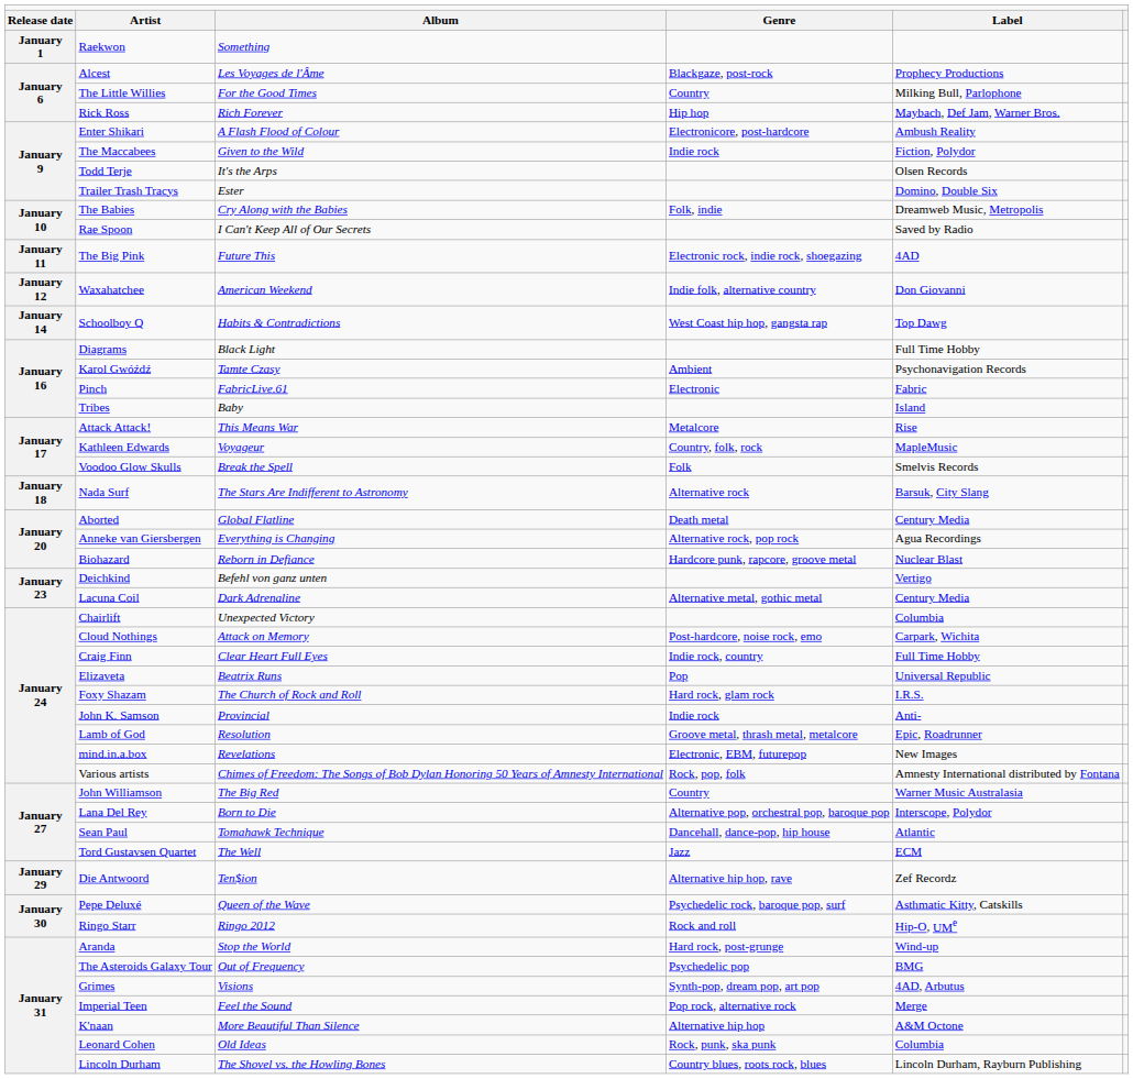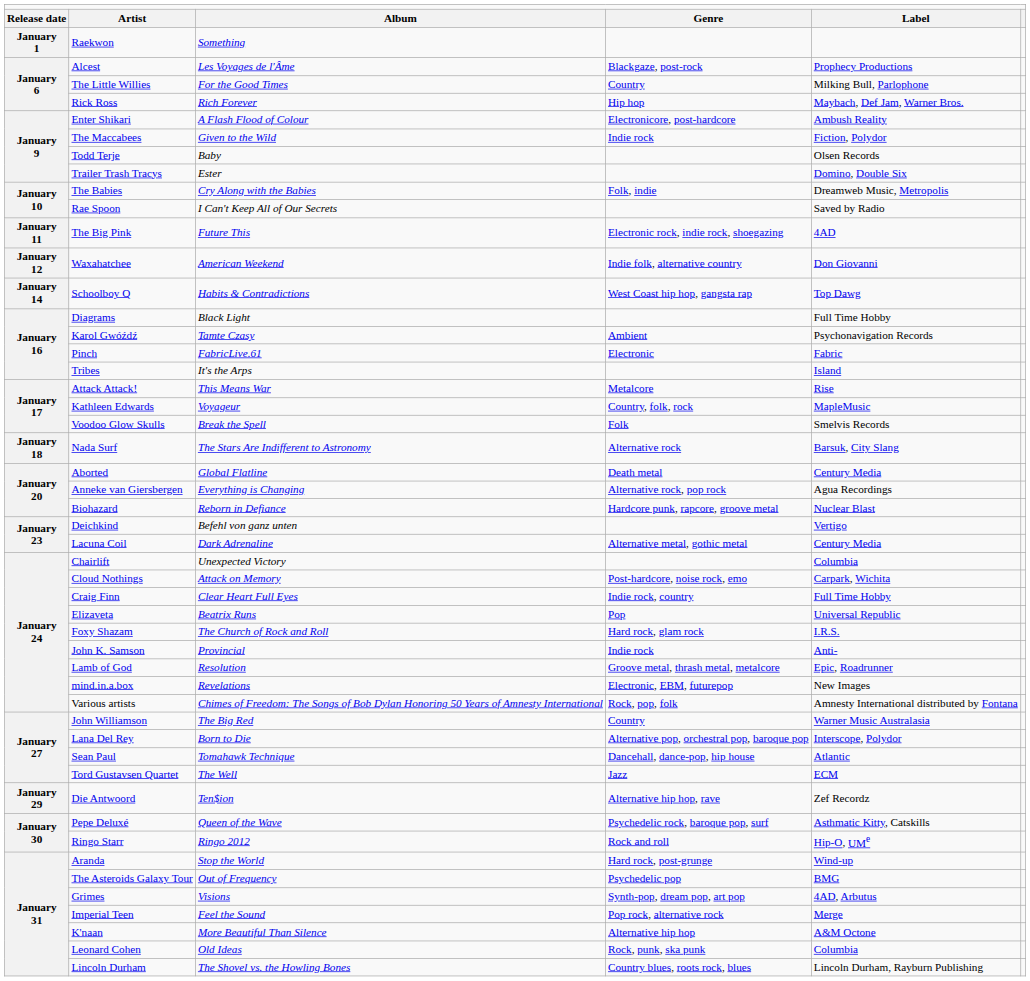 <table class="wikitable plainrowheaders">
 <tr>
 <td colspan="6" style="text-align:center;"></td>
 </tr>
 <tr>
 <th scope="col">Release date</th>
 <th scope="col">Artist</th>
 <th scope="col">Album</th>
 <th scope="col">Genre</th>
 <th scope="col">Label</th>
 <th scope="col"></th>
 </tr>
 <tr>
 <th scope="row" style="text-align:center;">January<br>1</th>
 <td><a href='#'>Raekwon</a></td>
 <td><em><a href='#'>Something</a> </em></td>
 <td></td>
 <td></td>
 <td></td>
 </tr>
 <tr>
 <th scope="row" rowspan="3" style="text-align:center;">January<br>6</th>
 <td><a href='#'>Alcest</a></td>
 <td><em><a href='#'>Les Voyages de l'Âme</a></em></td>
 <td><a href='#'>Blackgaze</a>, <a href='#'>post-rock</a></td>
 <td><a href='#'>Prophecy Productions</a></td>
 <td></td>
 </tr>
 <tr>
 <td><a href='#'>The Little Willies</a></td>
 <td><em><a href='#'>For the Good Times</a></em></td>
 <td><a href='#'>Country</a></td>
 <td>Milking Bull, <a href='#'>Parlophone</a></td>
 <td></td>
 </tr>
 <tr>
 <td><a href='#'>Rick Ross</a></td>
 <td><em><a href='#'>Rich Forever</a></em></td>
 <td><a href='#'>Hip hop</a></td>
 <td><a href='#'>Maybach</a>, <a href='#'>Def Jam</a>, <a href='#'>Warner Bros.</a></td>
 <td></td>
 </tr>
 <tr>
 <th scope="row" rowspan="4" style="text-align:center;">January<br>9</th>
 <td><a href='#'>Enter Shikari</a></td>
 <td><em><a href='#'>A Flash Flood of Colour</a></em></td>
 <td><a href='#'>Electronicore</a>, <a href='#'>post-hardcore</a></td>
 <td><a href='#'>Ambush Reality</a></td>
 <td></td>
 </tr>
 <tr>
 <td><a href='#'>The Maccabees</a></td>
 <td><em><a href='#'>Given to the Wild</a></em></td>
 <td><a href='#'>Indie rock</a></td>
 <td><a href='#'>Fiction</a>, <a href='#'>Polydor</a></td>
 <td></td>
 </tr>
 <tr>
 <td><a href='#'>Todd Terje</a></td>
-<td><em>It's the Arps</em></td>
+<td><em>Baby</em></td>
 <td></td>
 <td>Olsen Records</td>
 <td></td>
 </tr>
 <tr>
 <td><a href='#'>Trailer Trash Tracys</a></td>
 <td><em>Ester</em></td>
 <td></td>
 <td><a href='#'>Domino</a>, <a href='#'>Double Six</a></td>
 <td></td>
 </tr>
 <tr>
 <th scope="row" rowspan="2" style="text-align:center;">January<br>10</th>
 <td><a href='#'>The Babies</a></td>
 <td><em><a href='#'>Cry Along with the Babies</a></em></td>
 <td><a href='#'>Folk</a>, <a href='#'>indie</a></td>
 <td>Dreamweb Music, <a href='#'>Metropolis</a></td>
 <td></td>
 </tr>
 <tr>
 <td><a href='#'>Rae Spoon</a></td>
 <td><em>I Can't Keep All of Our Secrets</em></td>
 <td></td>
 <td>Saved by Radio</td>
 <td></td>
 </tr>
 <tr>
 <th scope="row" style="text-align:center;">January<br>11</th>
 <td><a href='#'>The Big Pink</a></td>
 <td><em><a href='#'>Future This</a></em></td>
 <td><a href='#'>Electronic rock</a>, <a href='#'>indie rock</a>, <a href='#'>shoegazing</a></td>
 <td><a href='#'>4AD</a></td>
 <td></td>
 </tr>
 <tr>
 <th scope="row" style="text-align:center;">January<br>12</th>
 <td><a href='#'>Waxahatchee</a></td>
 <td><em><a href='#'>American Weekend</a></em></td>
 <td><a href='#'>Indie folk</a>, <a href='#'>alternative country</a></td>
 <td><a href='#'>Don Giovanni</a></td>
 <td></td>
 </tr>
 <tr>
 <th scope="row" style="text-align:center;">January<br>14</th>
 <td><a href='#'>Schoolboy Q</a></td>
 <td><em><a href='#'>Habits & Contradictions</a></em></td>
 <td><a href='#'>West Coast hip hop</a>, <a href='#'>gangsta rap</a></td>
 <td><a href='#'>Top Dawg</a></td>
 <td></td>
 </tr>
 <tr>
 <th scope="row" rowspan="4" style="text-align:center;">January<br>16</th>
 <td><a href='#'>Diagrams</a></td>
 <td><em>Black Light</em></td>
 <td></td>
 <td>Full Time Hobby</td>
 <td></td>
 </tr>
 <tr>
 <td><a href='#'>Karol Gwóźdź</a></td>
 <td><em><a href='#'>Tamte Czasy</a></em></td>
 <td><a href='#'>Ambient</a></td>
 <td>Psychonavigation Records</td>
 <td></td>
 </tr>
 <tr>
 <td><a href='#'>Pinch</a></td>
 <td><em><a href='#'>FabricLive.61</a></em></td>
 <td><a href='#'>Electronic</a></td>
 <td><a href='#'>Fabric</a></td>
 <td></td>
 </tr>
 <tr>
 <td><a href='#'>Tribes</a></td>
-<td><em>Baby</em></td>
+<td><em>It's the Arps</em></td>
 <td></td>
 <td><a href='#'>Island</a></td>
 <td></td>
 </tr>
 <tr>
 <th scope="row" rowspan="3" style="text-align:center;">January<br>17</th>
 <td><a href='#'>Attack Attack!</a></td>
 <td><em><a href='#'>This Means War</a></em></td>
 <td><a href='#'>Metalcore</a></td>
 <td><a href='#'>Rise</a></td>
 <td></td>
 </tr>
 <tr>
 <td><a href='#'>Kathleen Edwards</a></td>
 <td><em><a href='#'>Voyageur</a></em></td>
 <td><a href='#'>Country</a>, <a href='#'>folk</a>, <a href='#'>rock</a></td>
 <td><a href='#'>MapleMusic</a></td>
 <td></td>
 </tr>
 <tr>
 <td><a href='#'>Voodoo Glow Skulls</a></td>
 <td><em><a href='#'>Break the Spell</a></em></td>
 <td><a href='#'>Folk</a></td>
 <td>Smelvis Records</td>
 <td></td>
 </tr>
 <tr>
 <th scope="row" style="text-align:center;">January<br>18</th>
 <td><a href='#'>Nada Surf</a></td>
 <td><em><a href='#'>The Stars Are Indifferent to Astronomy</a></em></td>
 <td><a href='#'>Alternative rock</a></td>
 <td><a href='#'>Barsuk</a>, <a href='#'>City Slang</a></td>
 <td></td>
 </tr>
 <tr>
 <th scope="row" rowspan="3" style="text-align:center;">January<br>20</th>
 <td><a href='#'>Aborted</a></td>
 <td><em><a href='#'>Global Flatline</a></em></td>
 <td><a href='#'>Death metal</a></td>
 <td><a href='#'>Century Media</a></td>
 <td></td>
 </tr>
 <tr>
 <td><a href='#'>Anneke van Giersbergen</a></td>
 <td><em><a href='#'>Everything is Changing</a></em></td>
 <td><a href='#'>Alternative rock</a>, <a href='#'>pop rock</a></td>
 <td>Agua Recordings</td>
 <td></td>
 </tr>
 <tr>
 <td><a href='#'>Biohazard</a></td>
 <td><em><a href='#'>Reborn in Defiance</a></em></td>
 <td><a href='#'>Hardcore punk</a>, <a href='#'>rapcore</a>, <a href='#'>groove metal</a></td>
 <td><a href='#'>Nuclear Blast</a></td>
 <td></td>
 </tr>
 <tr>
 <th scope="row" rowspan="2" style="text-align:center;">January<br>23</th>
 <td><a href='#'>Deichkind</a></td>
 <td><em>Befehl von ganz unten</em></td>
 <td></td>
 <td><a href='#'>Vertigo</a></td>
 <td></td>
 </tr>
 <tr>
 <td><a href='#'>Lacuna Coil</a></td>
 <td><em><a href='#'>Dark Adrenaline</a></em></td>
 <td><a href='#'>Alternative metal</a>, <a href='#'>gothic metal</a></td>
 <td><a href='#'>Century Media</a></td>
 <td></td>
 </tr>
 <tr>
 <th scope="row" rowspan="9" style="text-align:center;">January<br>24</th>
 <td><a href='#'>Chairlift</a></td>
 <td><em>Unexpected Victory</em></td>
 <td></td>
 <td><a href='#'>Columbia</a></td>
 <td></td>
 </tr>
 <tr>
 <td><a href='#'>Cloud Nothings</a></td>
 <td><em><a href='#'>Attack on Memory</a></em></td>
 <td><a href='#'>Post-hardcore</a>, <a href='#'>noise rock</a>, <a href='#'>emo</a></td>
 <td><a href='#'>Carpark</a>, <a href='#'>Wichita</a></td>
 <td></td>
 </tr>
 <tr>
 <td><a href='#'>Craig Finn</a></td>
 <td><em><a href='#'>Clear Heart Full Eyes</a></em></td>
 <td><a href='#'>Indie rock</a>, <a href='#'>country</a></td>
 <td><a href='#'>Full Time Hobby</a></td>
 <td></td>
 </tr>
 <tr>
 <td><a href='#'>Elizaveta</a></td>
 <td><em><a href='#'>Beatrix Runs</a></em></td>
 <td><a href='#'>Pop</a></td>
 <td><a href='#'>Universal Republic</a></td>
 <td></td>
 </tr>
 <tr>
 <td><a href='#'>Foxy Shazam</a></td>
 <td><em><a href='#'>The Church of Rock and Roll</a></em></td>
 <td><a href='#'>Hard rock</a>, <a href='#'>glam rock</a></td>
 <td><a href='#'>I.R.S.</a></td>
 <td></td>
 </tr>
 <tr>
 <td><a href='#'>John K. Samson</a></td>
 <td><em><a href='#'>Provincial</a></em></td>
 <td><a href='#'>Indie rock</a></td>
 <td><a href='#'>Anti-</a></td>
 <td></td>
 </tr>
 <tr>
 <td><a href='#'>Lamb of God</a></td>
 <td><em><a href='#'>Resolution</a></em></td>
 <td><a href='#'>Groove metal</a>, <a href='#'>thrash metal</a>, <a href='#'>metalcore</a></td>
 <td><a href='#'>Epic</a>, <a href='#'>Roadrunner</a></td>
 <td></td>
 </tr>
 <tr>
 <td><a href='#'>mind.in.a.box</a></td>
 <td><em><a href='#'>Revelations</a></em></td>
 <td><a href='#'>Electronic</a>, <a href='#'>EBM</a>, <a href='#'>futurepop</a></td>
 <td>New Images</td>
 <td></td>
 </tr>
 <tr>
 <td>Various artists</td>
 <td><em><a href='#'>Chimes of Freedom: The Songs of Bob Dylan Honoring 50 Years of Amnesty International</a></em></td>
 <td><a href='#'>Rock</a>, <a href='#'>pop</a>, <a href='#'>folk</a></td>
 <td>Amnesty International distributed by <a href='#'>Fontana</a></td>
 <td></td>
 </tr>
 <tr>
 <th scope="row" rowspan="4" style="text-align:center;">January<br>27</th>
 <td><a href='#'>John Williamson</a></td>
 <td><em><a href='#'>The Big Red</a></em></td>
 <td><a href='#'>Country</a></td>
 <td><a href='#'>Warner Music Australasia</a></td>
 <td></td>
 </tr>
 <tr>
 <td><a href='#'>Lana Del Rey</a></td>
 <td><em><a href='#'>Born to Die</a></em></td>
 <td><a href='#'>Alternative pop</a>, <a href='#'>orchestral pop</a>, <a href='#'>baroque pop</a></td>
 <td><a href='#'>Interscope</a>, <a href='#'>Polydor</a></td>
 <td></td>
 </tr>
 <tr>
 <td><a href='#'>Sean Paul</a></td>
 <td><em><a href='#'>Tomahawk Technique</a></em></td>
 <td><a href='#'>Dancehall</a>, <a href='#'>dance-pop</a>, <a href='#'>hip house</a></td>
 <td><a href='#'>Atlantic</a></td>
 <td></td>
 </tr>
 <tr>
 <td><a href='#'>Tord Gustavsen Quartet</a></td>
 <td><em><a href='#'>The Well</a></em></td>
 <td><a href='#'>Jazz</a></td>
 <td><a href='#'>ECM</a></td>
 <td></td>
 </tr>
 <tr>
 <th scope="row" style="text-align:center;">January<br>29</th>
 <td><a href='#'>Die Antwoord</a></td>
 <td><em><a href='#'>Ten$ion</a></em></td>
 <td><a href='#'>Alternative hip hop</a>, <a href='#'>rave</a></td>
 <td>Zef Recordz</td>
 <td></td>
 </tr>
 <tr>
 <th scope="row" rowspan="2" style="text-align:center;">January<br>30</th>
 <td><a href='#'>Pepe Deluxé</a></td>
 <td><em><a href='#'>Queen of the Wave</a></em></td>
 <td><a href='#'>Psychedelic rock</a>, <a href='#'>baroque pop</a>, <a href='#'>surf</a></td>
 <td><a href='#'>Asthmatic Kitty</a>, Catskills</td>
 <td></td>
 </tr>
 <tr>
 <td><a href='#'>Ringo Starr</a></td>
 <td><em><a href='#'>Ringo 2012</a></em></td>
 <td><a href='#'>Rock and roll</a></td>
 <td><a href='#'>Hip-O</a>, <a href='#'>UM<sup>e</sup></a></td>
 <td></td>
 </tr>
 <tr>
 <th scope="row" rowspan="7" style="text-align:center;">January<br>31</th>
 <td><a href='#'>Aranda</a></td>
 <td><em><a href='#'>Stop the World</a></em></td>
 <td><a href='#'>Hard rock</a>, <a href='#'>post-grunge</a></td>
 <td><a href='#'>Wind-up</a></td>
 <td></td>
 </tr>
 <tr>
 <td><a href='#'>The Asteroids Galaxy Tour</a></td>
 <td><em><a href='#'>Out of Frequency</a></em></td>
 <td><a href='#'>Psychedelic pop</a></td>
 <td><a href='#'>BMG</a></td>
 <td></td>
 </tr>
 <tr>
 <td><a href='#'>Grimes</a></td>
 <td><em><a href='#'>Visions</a></em></td>
 <td><a href='#'>Synth-pop</a>, <a href='#'>dream pop</a>, <a href='#'>art pop</a></td>
 <td><a href='#'>4AD</a>, <a href='#'>Arbutus</a></td>
 <td></td>
 </tr>
 <tr>
 <td><a href='#'>Imperial Teen</a></td>
 <td><em><a href='#'>Feel the Sound</a></em></td>
 <td><a href='#'>Pop rock</a>, <a href='#'>alternative rock</a></td>
 <td><a href='#'>Merge</a></td>
 <td></td>
 </tr>
 <tr>
 <td><a href='#'>K'naan</a></td>
 <td><em><a href='#'>More Beautiful Than Silence</a></em></td>
 <td><a href='#'>Alternative hip hop</a></td>
 <td><a href='#'>A&M Octone</a></td>
 <td></td>
 </tr>
 <tr>
 <td><a href='#'>Leonard Cohen</a></td>
 <td><em><a href='#'>Old Ideas</a></em></td>
 <td><a href='#'>Rock</a>, <a href='#'>punk</a>, <a href='#'>ska punk</a></td>
 <td><a href='#'>Columbia</a></td>
 <td></td>
 </tr>
 <tr>
 <td><a href='#'>Lincoln Durham</a></td>
 <td><em><a href='#'>The Shovel vs. the Howling Bones</a></em></td>
 <td><a href='#'>Country blues</a>, <a href='#'>roots rock</a>, <a href='#'>blues</a></td>
 <td>Lincoln Durham, Rayburn Publishing</td>
 <td></td>
 </tr>
 </table>
